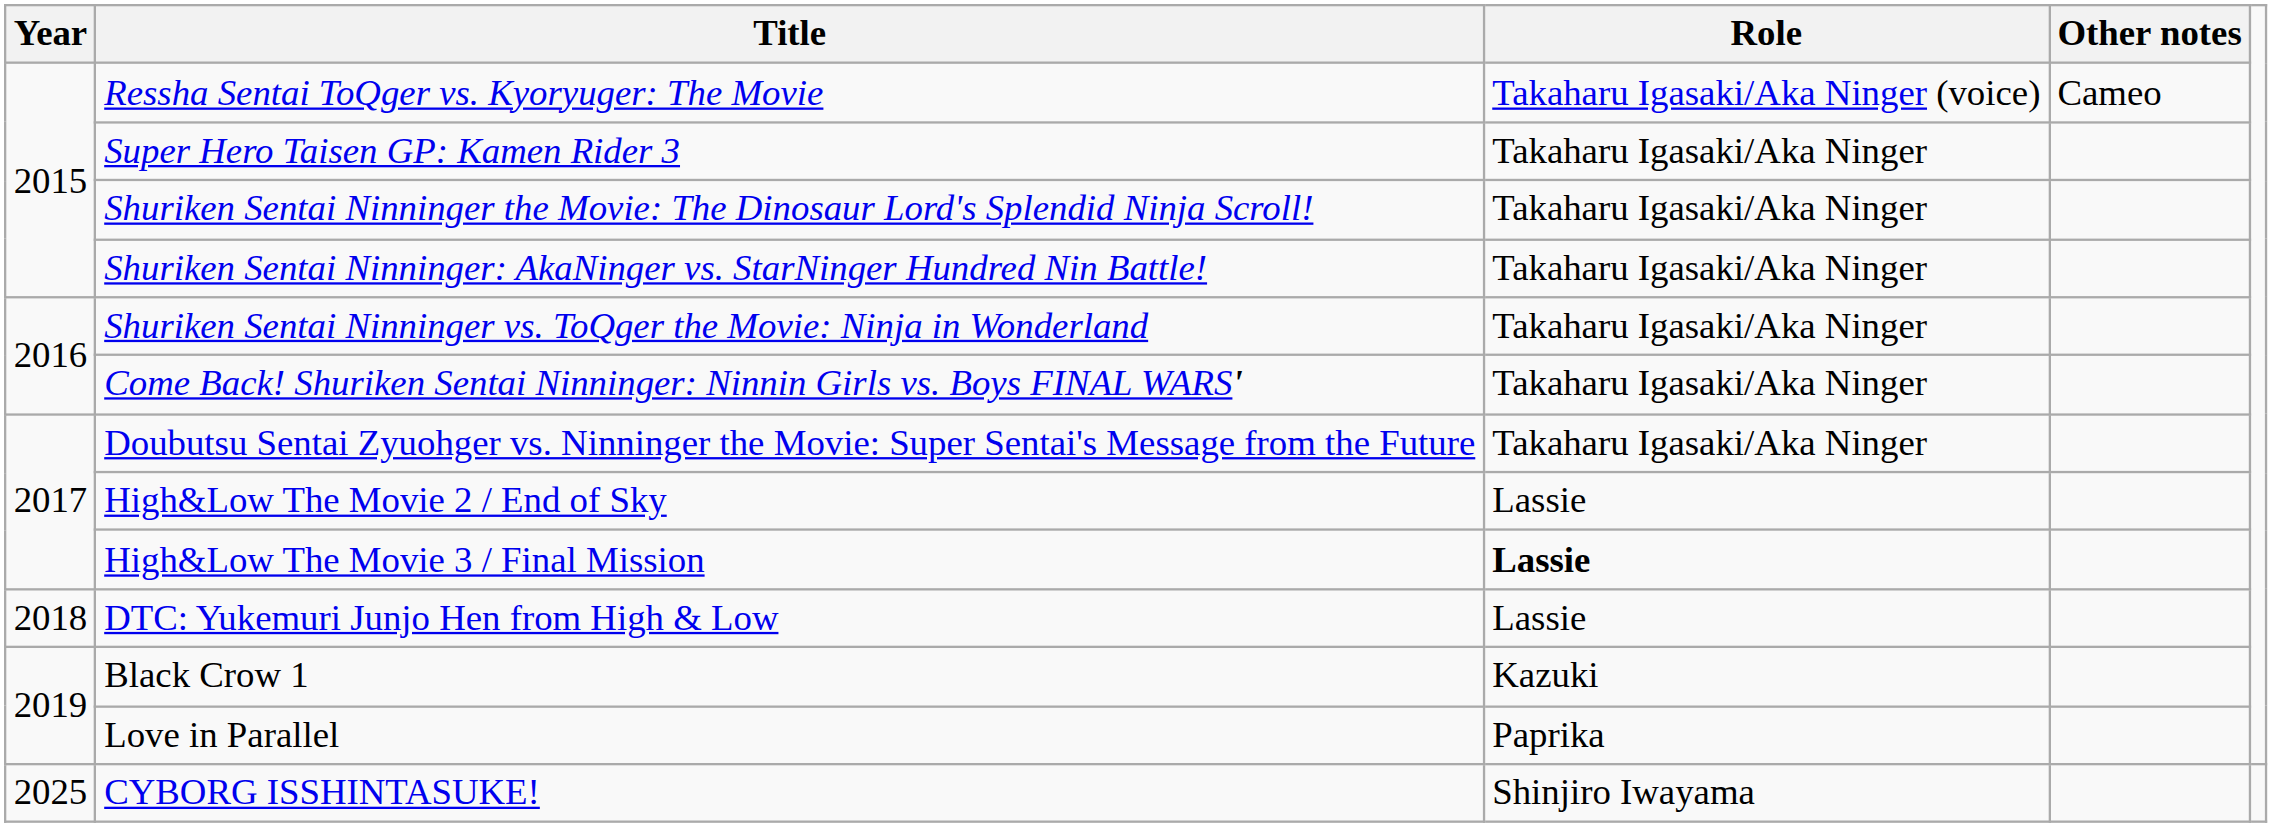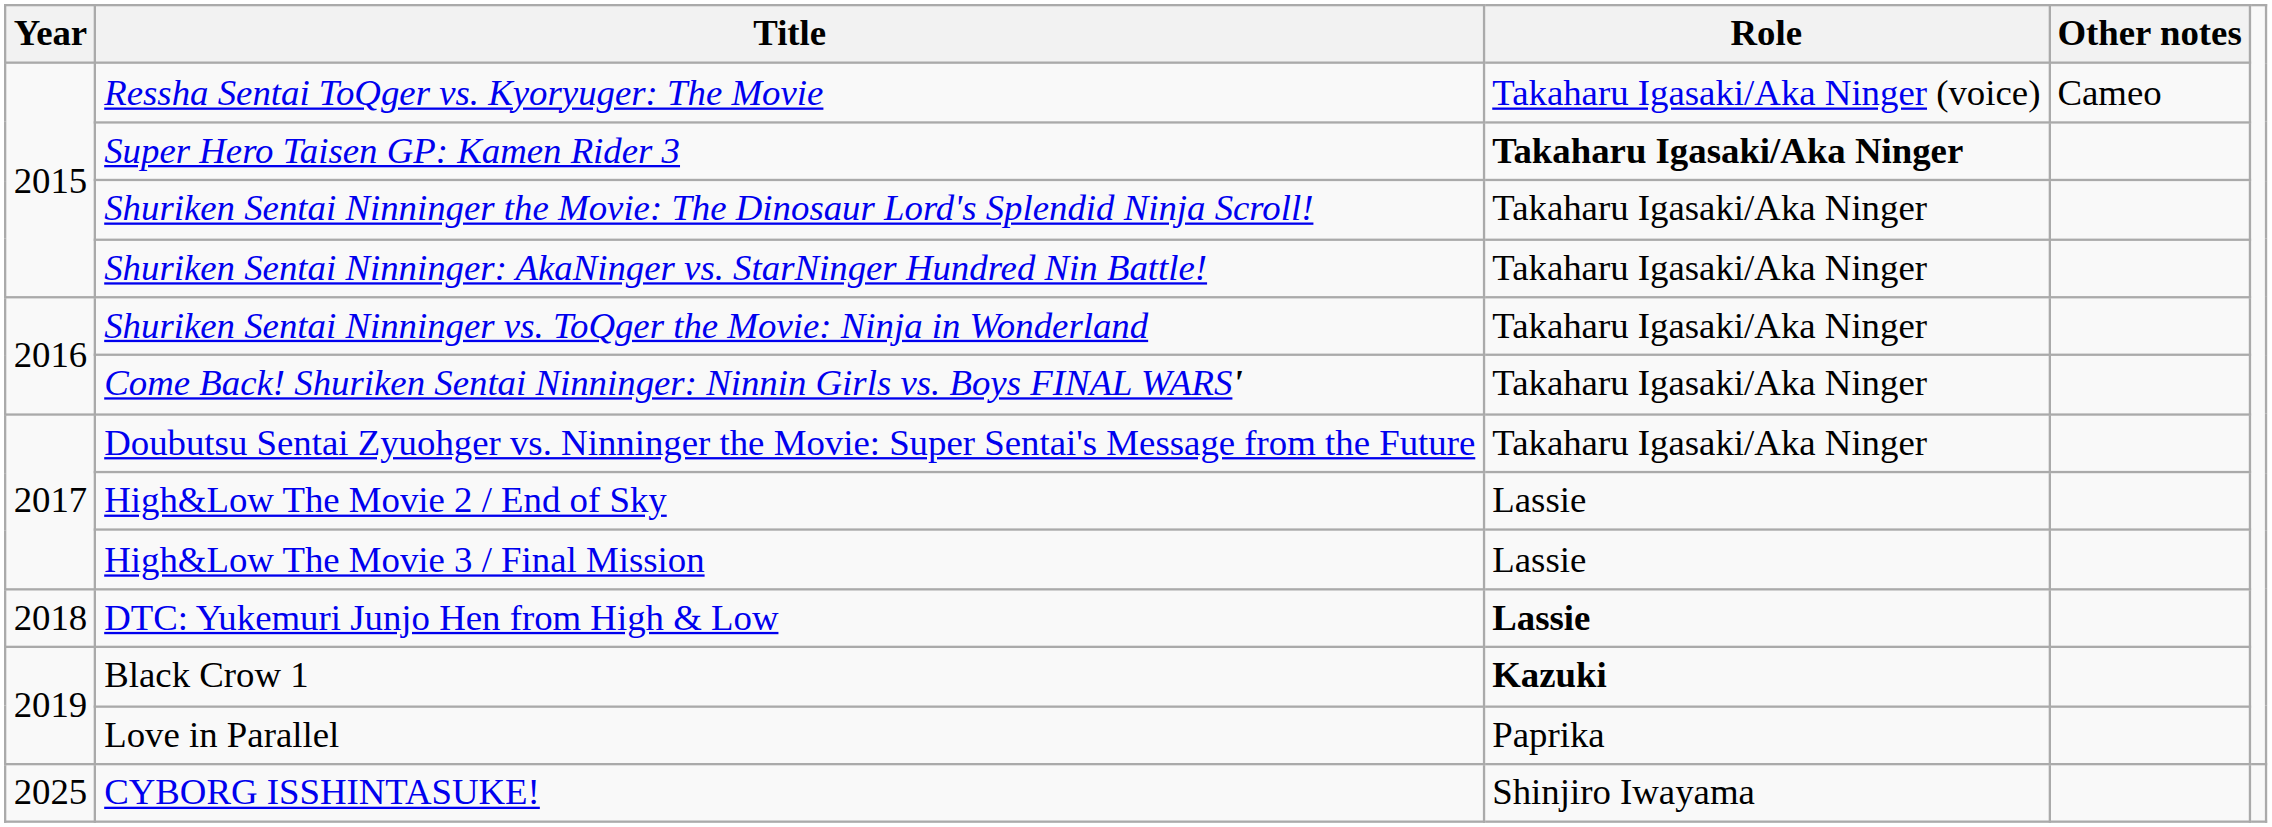 <table class="wikitable">
 <tr>
 <th>Year</th>
 <th>Title</th>
 <th>Role</th>
 <th>Other notes</th>
 </tr>
 <tr>
 <td rowspan="4">2015</td>
 <td><em><a href='#'>Ressha Sentai ToQger vs. Kyoryuger: The Movie</a></em></td>
 <td><a href='#'>Takaharu Igasaki/Aka Ninger</a> (voice)</td>
 <td>Cameo</td>
 </tr>
 <tr>
 <td><em><a href='#'>Super Hero Taisen GP: Kamen Rider 3</a></em></td>
-<td>Takaharu Igasaki/Aka Ninger</td>
+<td><strong>Takaharu Igasaki/Aka Ninger</strong></td>
 <td></td>
 </tr>
 <tr>
 <td><em><a href='#'>Shuriken Sentai Ninninger the Movie: The Dinosaur Lord's Splendid Ninja Scroll!</a></em></td>
 <td>Takaharu Igasaki/Aka Ninger</td>
 <td></td>
 </tr>
 <tr>
 <td><em><a href='#'>Shuriken Sentai Ninninger: AkaNinger vs. StarNinger Hundred Nin Battle!</a></em></td>
 <td>Takaharu Igasaki/Aka Ninger</td>
 <td></td>
 </tr>
 <tr>
 <td rowspan="2">2016</td>
 <td><em><a href='#'>Shuriken Sentai Ninninger vs. ToQger the Movie: Ninja in Wonderland</a></em></td>
 <td>Takaharu Igasaki/Aka Ninger</td>
 <td></td>
 </tr>
 <tr>
 <td><em><a href='#'>Come Back! Shuriken Sentai Ninninger: Ninnin Girls vs. Boys FINAL WARS</a><strong>'</td>
 <td>Takaharu Igasaki/Aka Ninger</td>
 <td></td>
 </tr>
 <tr>
 <td rowspan="3">2017</td>
 <td></em><a href='#'>Doubutsu Sentai Zyuohger vs. Ninninger the Movie: Super Sentai's Message from the Future</a><em></td>
 <td>Takaharu Igasaki/Aka Ninger</td>
 <td></td>
 </tr>
 <tr>
 <td></em><a href='#'>High&Low The Movie 2 / End of Sky</a><em></td>
 <td>Lassie</td>
 <td></td>
 </tr>
 <tr>
 <td></em><a href='#'>High&Low The Movie 3 / Final Mission</a><em></td>
-<td><strong>Lassie</strong></td>
+<td>Lassie</td>
 <td></td>
 </tr>
 <tr>
 <td>2018</td>
 <td></em><a href='#'>DTC: Yukemuri Junjo Hen from High & Low</a><em></td>
-<td>Lassie</td>
+<td><strong>Lassie</strong></td>
 <td></td>
 </tr>
 <tr>
 <td rowspan="2">2019</td>
 <td></em>Black Crow 1<em></td>
-<td>Kazuki</td>
+<td><strong>Kazuki</strong></td>
 <td></td>
 </tr>
 <tr>
 <td></em>Love in Parallel<em></td>
 <td>Paprika</td>
 <td></td>
 </tr>
 <tr>
 <td>2025</td>
 <td></em><a href='#'>CYBORG ISSHINTASUKE!</a><em></td>
 <td>Shinjiro Iwayama</td>
 <td></td>
 <td></td>
 </tr>
 </table>
